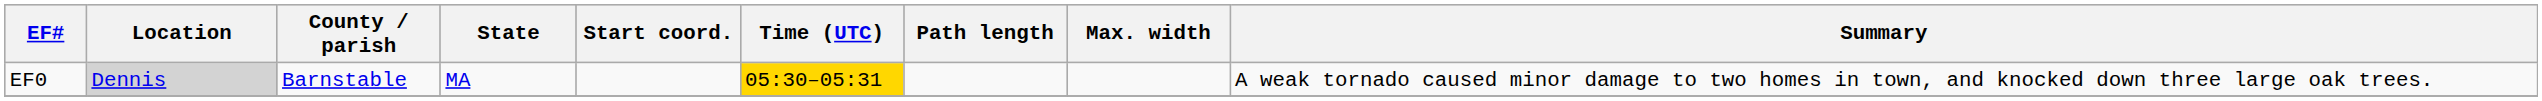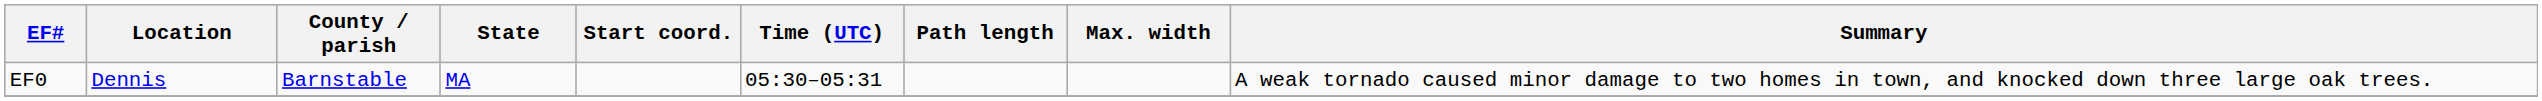 <table class="wikitable sortable" style="width:100%;">
 <tr>
 <th scope="col"  style="width:3%; text-align:center;"><a href='#'>EF#</a></th>
 <th scope="col"  style="width:7%; text-align:center;" class="unsortable">Location</th>
 <th scope="col"  style="width:6%; text-align:center;" class="unsortable">County / parish</th>
 <th scope="col"  style="width:5%; text-align:center;">State</th>
 <th scope="col"  style="width:6%; text-align:center;">Start coord.</th>
 <th scope="col"  style="width:6%; text-align:center;">Time (<a href='#'>UTC</a>)</th>
 <th scope="col"  style="width:6%; text-align:center;">Path length</th>
 <th scope="col"  style="width:6%; text-align:center;">Max. width</th>
 <th scope="col" class="unsortable" style="width:48%; text-align:center;">Summary</th>
 </tr>
 <tr>
 <td>EF0</td>
-<td style="background: lightgrey;"><a href='#'>Dennis</a></td>
+<td><a href='#'>Dennis</a></td>
 <td><a href='#'>Barnstable</a></td>
 <td><a href='#'>MA</a></td>
 <td></td>
-<td style="background: gold;">05:30–05:31</td>
+<td>05:30–05:31</td>
 <td></td>
 <td></td>
 <td>A weak tornado caused minor damage to two homes in town, and knocked down three large oak trees.</td>
 </tr>
 <tr>
 </tr>
 </table>
